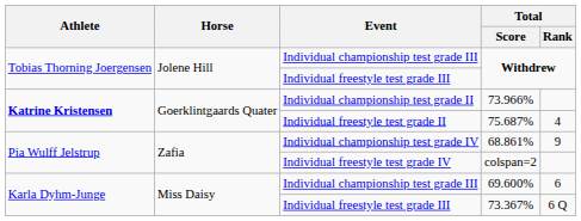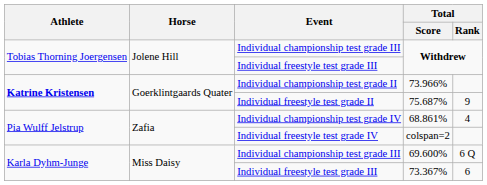 <table class=wikitable style="font-size:90%">
 <tr>
 <th rowspan="2">Athlete</th>
 <th rowspan="2">Horse</th>
 <th rowspan="2">Event</th>
 <th colspan="2">Total</th>
 </tr>
 <tr>
 <th>Score</th>
 <th>Rank</th>
 </tr>
 <tr>
 <td align=left rowspan="2"><a href='#'>Tobias Thorning Joergensen</a></td>
 <td rowspan="2">Jolene Hill</td>
 <td align=left><a href='#'>Individual championship test grade III</a></td>
 <td colspan="2" rowspan="2" align=center><strong>Withdrew</strong></td>
 </tr>
 <tr>
 <td align=left><a href='#'>Individual freestyle test grade III</a></td>
 </tr>
 <tr align=center>
 <td align=left rowspan="2"><strong><a href='#'>Katrine Kristensen</a></strong></td>
 <td align=left rowspan="2">Goerklintgaards Quater</td>
 <td align=left><a href='#'>Individual championship test grade II</a></td>
 <td>73.966%</td>
 <td></td>
 </tr>
 <tr align=center>
 <td align=left><a href='#'>Individual freestyle test grade II</a></td>
 <td>75.687%</td>
-<td>4</td>
+<td>9</td>
 </tr>
 <tr align=center>
 <td align=left rowspan="2"><a href='#'>Pia Wulff Jelstrup</a></td>
 <td align=left rowspan="2">Zafia</td>
 <td align=left><a href='#'>Individual championship test grade IV</a></td>
 <td>68.861%</td>
-<td>9</td>
+<td>4</td>
 </tr>
 <tr align=center>
 <td align=left><a href='#'>Individual freestyle test grade IV</a></td>
 <td>colspan=2 </td>
 </tr>
 <tr align=center>
 <td align=left rowspan="2"><a href='#'>Karla Dyhm-Junge</a></td>
 <td align=left rowspan="2">Miss Daisy</td>
 <td align=left><a href='#'>Individual championship test grade III</a></td>
 <td>69.600%</td>
-<td>6</td>
+<td>6 Q</td>
 </tr>
 <tr align=center>
 <td align=left><a href='#'>Individual freestyle test grade III</a></td>
 <td>73.367%</td>
-<td>6 Q</td>
+<td>6</td>
 </tr>
 </table>
